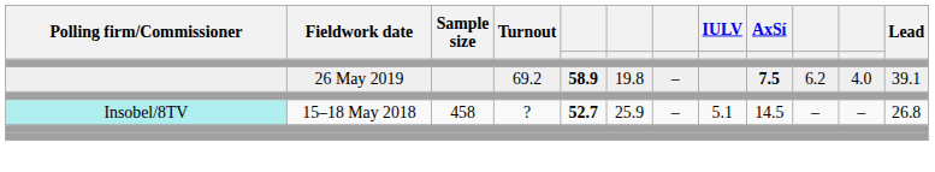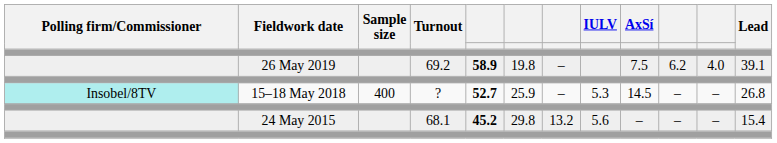 <table class="wikitable collapsible collapsed" style="text-align:center; font-size:95%; line-height:16px;">
 <tr style="height:42px;">
 <th style="width:250px;" rowspan="2">Polling firm/Commissioner</th>
 <th style="width:125px;" rowspan="2">Fieldwork date</th>
 <th style="width:50px;" rowspan="2">Sample size</th>
 <th style="width:45px;" rowspan="2">Turnout</th>
 <th style="width:35px;"></th>
 <th style="width:35px;"></th>
 <th style="width:35px;"></th>
 <th style="width:35px;"><a href='#'>IULV</a></th>
 <th style="width:35px;"><a href='#'>AxSí</a></th>
 <th style="width:35px;"></th>
 <th style="width:35px;"></th>
 <th style="width:30px;" rowspan="2">Lead</th>
 </tr>
 <tr>
 <th style="color:inherit;background:"></th>
 <th style="color:inherit;background:"></th>
 <th style="color:inherit;background:"></th>
 <th style="color:inherit;background:"></th>
 <th style="color:inherit;background:"></th>
 <th style="color:inherit;background:"></th>
 <th style="color:inherit;background:"></th>
 </tr>
 <tr>
 <td colspan="12" style="background:#A0A0A0"></td>
 </tr>
 <tr style="background:#EFEFEF;">
 <td><strong></strong></td>
 <td>26 May 2019</td>
 <td></td>
 <td>69.2</td>
 <td><strong>58.9</strong><br></td>
 <td>19.8<br></td>
 <td>–</td>
 <td></td>
-<td><strong>7.5<br></strong></td>
+<td>7.5<br></td>
 <td>6.2<br></td>
 <td>4.0<br></td>
 <td style="background:">39.1</td>
 </tr>
 <tr>
 <td colspan="12" style="background:#A0A0A0"></td>
 </tr>
 <tr>
 <td style="background: paleturquoise;">Insobel/8TV</td>
 <td>15–18 May 2018</td>
-<td>458</td>
+<td>400</td>
 <td>?</td>
 <td><strong>52.7</strong><br></td>
 <td>25.9<br></td>
 <td>–</td>
-<td>5.1<br></td>
+<td>5.3<br></td>
 <td>14.5<br></td>
 <td>–</td>
 <td>–</td>
 <td style="background:">26.8</td>
 </tr>
 <tr>
 <td colspan="12" style="background:#A0A0A0"></td>
 </tr>
+<tr style="background:#EFEFEF;">
+<td><strong></strong></td>
+<td>24 May 2015</td>
+<td></td>
+<td>68.1</td>
+<td><strong>45.2</strong><br></td>
+<td>29.8<br></td>
+<td>13.2<br></td>
+<td>5.6<br></td>
+<td>–</td>
+<td>–</td>
+<td>–</td>
+<td style="background:">15.4</td>
+</tr>
 <tr>
 <td colspan="12" style="background:#A0A0A0"></td>
 </tr>
 </table>
